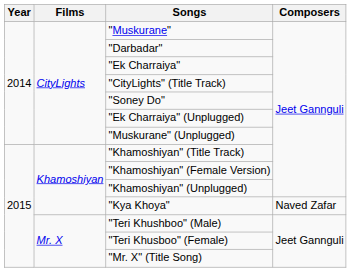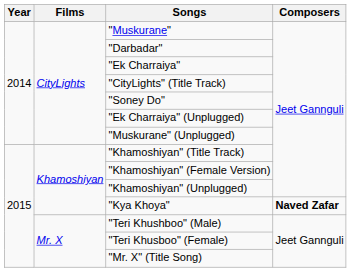 <table class="wikitable sortable">
 <tr>
 <th>Year</th>
 <th>Films</th>
 <th>Songs</th>
 <th>Composers</th>
 </tr>
 <tr>
 <td rowspan="7">2014</td>
 <td rowspan="7"><em><a href='#'>CityLights</a></em></td>
 <td>"<a href='#'>Muskurane</a>"</td>
 <td rowspan="10"><a href='#'>Jeet Gannguli</a></td>
 </tr>
 <tr>
 <td>"Darbadar"</td>
 </tr>
 <tr>
 <td>"Ek Charraiya"</td>
 </tr>
 <tr>
 <td>"CityLights" (Title Track)</td>
 </tr>
 <tr>
 <td>"Soney Do"</td>
 </tr>
 <tr>
 <td>"Ek Charraiya" (Unplugged)</td>
 </tr>
 <tr>
 <td>"Muskurane" (Unplugged)</td>
 </tr>
 <tr>
 <td rowspan="7">2015</td>
 <td rowspan="4"><em><a href='#'>Khamoshiyan</a></em></td>
 <td>"Khamoshiyan" (Title Track)</td>
 </tr>
 <tr>
 <td>"Khamoshiyan" (Female Version)</td>
 </tr>
 <tr>
 <td>"Khamoshiyan" (Unplugged)</td>
 </tr>
 <tr>
 <td>"Kya Khoya"</td>
-<td>Naved Zafar</td>
+<td><strong>Naved Zafar</strong></td>
 </tr>
 <tr>
 <td rowspan="3"><em><a href='#'>Mr. X</a></em></td>
 <td>"Teri Khushboo" (Male)</td>
 <td rowspan="3">Jeet Gannguli</td>
 </tr>
 <tr>
 <td>"Teri Khusboo" (Female)</td>
 </tr>
 <tr>
 <td>"Mr. X" (Title Song)</td>
 </tr>
 </table>
